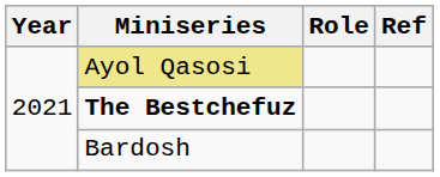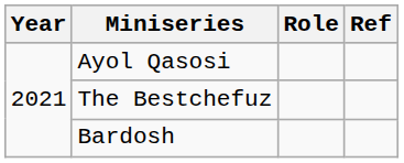 <table class="wikitable sortable">
 <tr>
 <th>Year</th>
 <th>Miniseries</th>
 <th>Role</th>
 <th>Ref</th>
 </tr>
 <tr>
 <td rowspan=3>2021</td>
-<td style="background: khaki;">Ayol Qasosi</td>
+<td>Ayol Qasosi</td>
 <td></td>
 <td></td>
 </tr>
 <tr>
-<td><strong>The Bestchefuz</strong></td>
+<td>The Bestchefuz</td>
 <td></td>
 <td></td>
 </tr>
 <tr>
 <td>Bardosh</td>
 <td></td>
 <td></td>
 </tr>
 </table>
